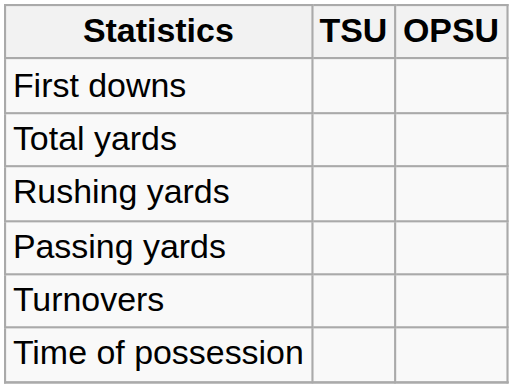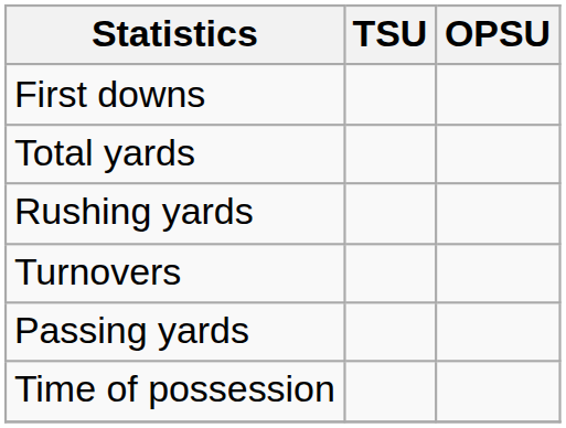 <table class="wikitable">
 <tr>
 <th>Statistics</th>
 <th>TSU</th>
 <th>OPSU</th>
 </tr>
 <tr>
 <td>First downs</td>
 <td></td>
 <td></td>
 </tr>
 <tr>
 <td>Total yards</td>
 <td></td>
 <td></td>
 </tr>
 <tr>
 <td>Rushing yards</td>
 <td></td>
 <td></td>
 </tr>
 <tr>
-<td>Passing yards</td>
+<td>Turnovers</td>
 <td></td>
 <td></td>
 </tr>
 <tr>
-<td>Turnovers</td>
+<td>Passing yards</td>
 <td></td>
 <td></td>
 </tr>
 <tr>
 <td>Time of possession</td>
 <td></td>
 <td></td>
 </tr>
 <tr>
 </tr>
 </table>
